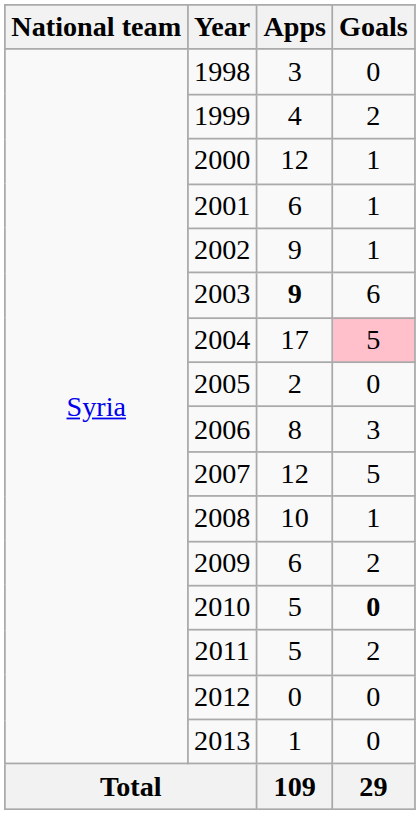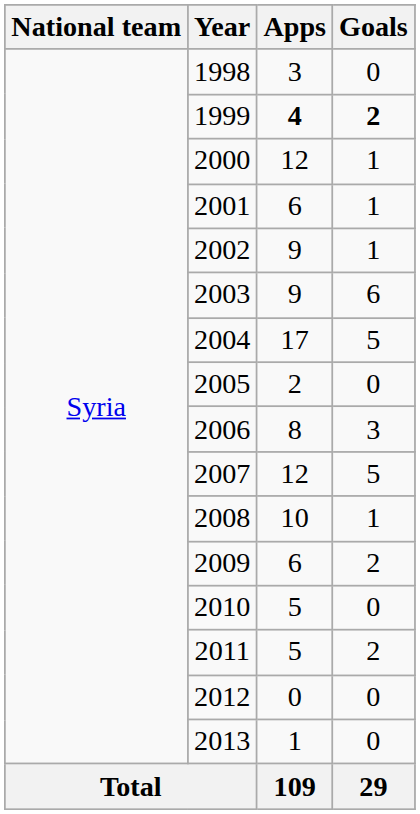 <table class="wikitable" style="text-align:center">
 <tr>
 <th>National team</th>
 <th>Year</th>
 <th>Apps</th>
 <th>Goals</th>
 </tr>
 <tr>
 <td rowspan="16"><a href='#'>Syria</a></td>
 <td>1998</td>
 <td>3</td>
 <td>0</td>
 </tr>
 <tr>
 <td>1999</td>
-<td>4</td>
-<td>2</td>
+<td><strong>4</strong></td>
+<td><strong>2</strong></td>
 </tr>
 <tr>
 <td>2000</td>
 <td>12</td>
 <td>1</td>
 </tr>
 <tr>
 <td>2001</td>
 <td>6</td>
 <td>1</td>
 </tr>
 <tr>
 <td>2002</td>
 <td>9</td>
 <td>1</td>
 </tr>
 <tr>
 <td>2003</td>
-<td><strong>9</strong></td>
+<td>9</td>
 <td>6</td>
 </tr>
 <tr>
 <td>2004</td>
 <td>17</td>
-<td style="background: pink;">5</td>
+<td>5</td>
 </tr>
 <tr>
 <td>2005</td>
 <td>2</td>
 <td>0</td>
 </tr>
 <tr>
 <td>2006</td>
 <td>8</td>
 <td>3</td>
 </tr>
 <tr>
 <td>2007</td>
 <td>12</td>
 <td>5</td>
 </tr>
 <tr>
 <td>2008</td>
 <td>10</td>
 <td>1</td>
 </tr>
 <tr>
 <td>2009</td>
 <td>6</td>
 <td>2</td>
 </tr>
 <tr>
 <td>2010</td>
 <td>5</td>
-<td><strong>0</strong></td>
+<td>0</td>
 </tr>
 <tr>
 <td>2011</td>
 <td>5</td>
 <td>2</td>
 </tr>
 <tr>
 <td>2012</td>
 <td>0</td>
 <td>0</td>
 </tr>
 <tr>
 <td>2013</td>
 <td>1</td>
 <td>0</td>
 </tr>
 <tr>
 <th colspan="2">Total</th>
 <th>109</th>
 <th>29</th>
 </tr>
 </table>
